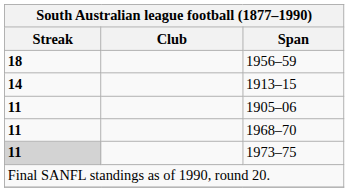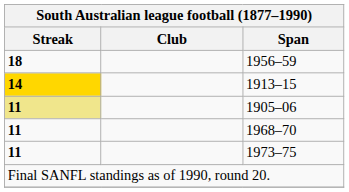 <table class="wikitable">
 <tr>
 <th colspan=3>South Australian league football (1877–1990)</th>
 </tr>
 <tr>
 <th style="width:100px;">Streak</th>
 <th style="width:150px;">Club</th>
 <th style="width:105px;">Span</th>
 </tr>
 <tr>
 <td><strong>18</strong></td>
 <td></td>
 <td>1956–59</td>
 </tr>
 <tr>
-<td><strong>14</strong></td>
+<td style="background: gold;"><strong>14</strong></td>
 <td></td>
 <td>1913–15</td>
 </tr>
 <tr>
-<td><strong>11</strong></td>
+<td style="background: khaki;"><strong>11</strong></td>
 <td></td>
 <td>1905–06</td>
 </tr>
 <tr>
 <td><strong>11</strong></td>
 <td></td>
 <td>1968–70</td>
 </tr>
 <tr>
-<td style="background: lightgrey;"><strong>11</strong></td>
+<td><strong>11</strong></td>
 <td></td>
 <td>1973–75</td>
 </tr>
 <tr>
 <td colspan="4">Final SANFL standings as of 1990, round 20.</td>
 </tr>
 <tr>
 </tr>
 </table>
